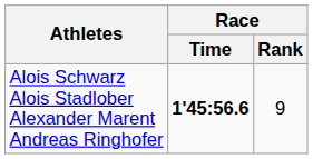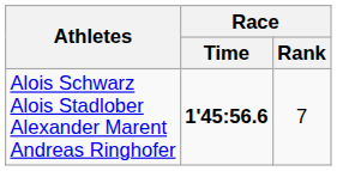 <table class="wikitable" border="1" style="font-size:90%">
 <tr>
 <th rowspan=2>Athletes</th>
 <th colspan=2>Race</th>
 </tr>
 <tr>
 <th>Time</th>
 <th>Rank</th>
 </tr>
 <tr>
 <td><a href='#'>Alois Schwarz</a><br><a href='#'>Alois Stadlober</a><br><a href='#'>Alexander Marent</a><br><a href='#'>Andreas Ringhofer</a></td>
 <td align=center><strong>1'45:56.6</strong></td>
-<td align=center>9</td>
+<td align=center>7</td>
 </tr>
 </table>
